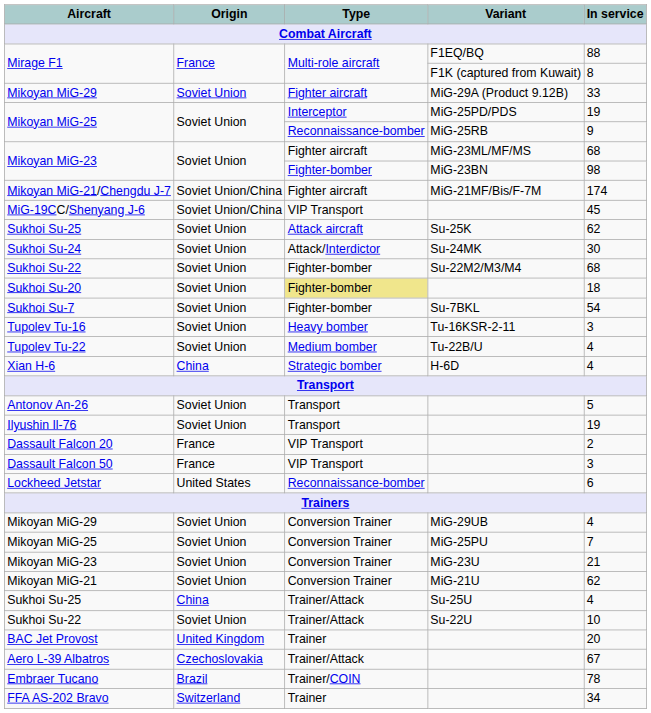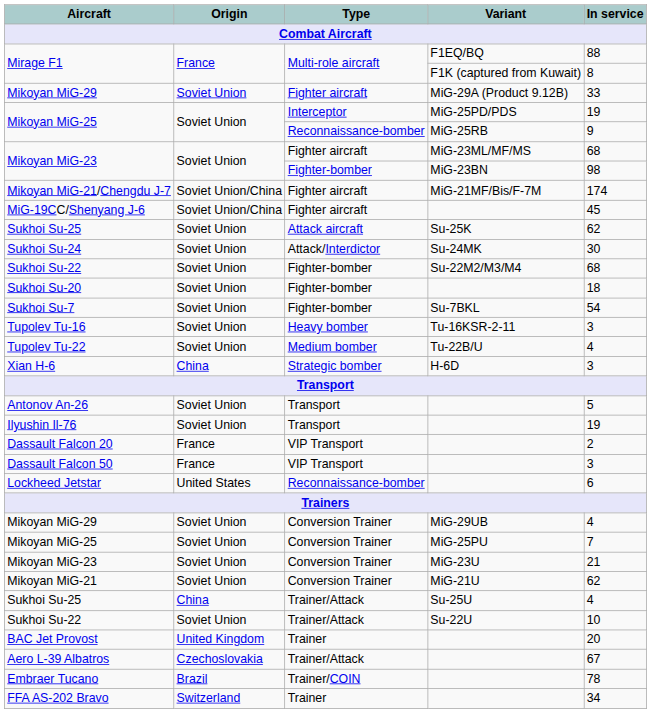 <table class="wikitable" style="display: inline-table;">
 <tr>
 <th style="text-align:center; background:#acc;">Aircraft</th>
 <th style="text-align: center; background:#acc;">Origin</th>
 <th style="text-align:l center; background:#acc;">Type</th>
 <th style="text-align:l center; background:#acc;">Variant</th>
 <th style="text-align:center; background:#acc;">In service</th>
 </tr>
 <tr>
 <th colspan="5" style="align: center; background: lavender;"><a href='#'>Combat Aircraft</a></th>
 </tr>
 <tr>
 <td rowspan="2"><a href='#'>Mirage F1</a></td>
 <td rowspan="2"><a href='#'>France</a></td>
 <td rowspan="2"><a href='#'>Multi-role aircraft</a></td>
 <td>F1EQ/BQ</td>
 <td>88</td>
 </tr>
 <tr>
 <td>F1K (captured from Kuwait)</td>
 <td>8</td>
 </tr>
 <tr>
 <td><a href='#'>Mikoyan MiG-29</a></td>
 <td><a href='#'>Soviet Union</a></td>
 <td><a href='#'>Fighter aircraft</a></td>
 <td>MiG-29A (Product 9.12B)</td>
 <td>33</td>
 </tr>
 <tr>
 <td rowspan="2"><a href='#'>Mikoyan MiG-25</a></td>
 <td rowspan="2">Soviet Union</td>
 <td><a href='#'>Interceptor</a></td>
 <td>MiG-25PD/PDS</td>
 <td>19</td>
 </tr>
 <tr>
 <td><a href='#'>Reconnaissance-bomber</a></td>
 <td>MiG-25RB</td>
 <td>9</td>
 </tr>
 <tr>
 <td rowspan="2"><a href='#'>Mikoyan MiG-23</a></td>
 <td rowspan="2">Soviet Union</td>
 <td>Fighter aircraft</td>
 <td>MiG-23ML/MF/MS</td>
 <td>68</td>
 </tr>
 <tr>
 <td><a href='#'>Fighter-bomber</a></td>
 <td>MiG-23BN</td>
 <td>98</td>
 </tr>
 <tr>
 <td><a href='#'>Mikoyan MiG-21</a>/<a href='#'>Chengdu J-7</a></td>
 <td>Soviet Union/China</td>
 <td>Fighter aircraft</td>
 <td>MiG-21MF/Bis/F-7M</td>
 <td>174</td>
 </tr>
 <tr>
 <td><a href='#'>MiG-19C</a>C/<a href='#'>Shenyang J-6</a></td>
 <td>Soviet Union/China</td>
-<td>VIP Transport</td>
+<td>Fighter aircraft</td>
 <td></td>
 <td>45</td>
 </tr>
 <tr>
 <td><a href='#'>Sukhoi Su-25</a></td>
 <td>Soviet Union</td>
 <td><a href='#'>Attack aircraft</a></td>
 <td>Su-25K</td>
 <td>62</td>
 </tr>
 <tr>
 <td><a href='#'>Sukhoi Su-24</a></td>
 <td>Soviet Union</td>
 <td>Attack/<a href='#'>Interdictor</a></td>
 <td>Su-24MK</td>
 <td>30</td>
 </tr>
 <tr>
 <td><a href='#'>Sukhoi Su-22</a></td>
 <td>Soviet Union</td>
 <td>Fighter-bomber</td>
 <td>Su-22M2/M3/M4</td>
 <td>68</td>
 </tr>
 <tr>
 <td><a href='#'>Sukhoi Su-20</a></td>
 <td>Soviet Union</td>
-<td style="background: khaki;">Fighter-bomber</td>
+<td>Fighter-bomber</td>
 <td></td>
 <td>18</td>
 </tr>
 <tr>
 <td><a href='#'>Sukhoi Su-7</a></td>
 <td>Soviet Union</td>
 <td>Fighter-bomber</td>
 <td>Su-7BKL</td>
 <td>54</td>
 </tr>
 <tr>
 <td><a href='#'>Tupolev Tu-16</a></td>
 <td>Soviet Union</td>
 <td><a href='#'>Heavy bomber</a></td>
 <td>Tu-16KSR-2-11</td>
 <td>3</td>
 </tr>
 <tr>
 <td><a href='#'>Tupolev Tu-22</a></td>
 <td>Soviet Union</td>
 <td><a href='#'>Medium bomber</a></td>
 <td>Tu-22B/U</td>
 <td>4</td>
 </tr>
 <tr>
 <td><a href='#'>Xian H-6</a></td>
 <td><a href='#'>China</a></td>
 <td><a href='#'>Strategic bomber</a></td>
 <td>H-6D</td>
-<td>4</td>
+<td>3</td>
 </tr>
 <tr>
 <th colspan="5" style="align: center; background: lavender;"><a href='#'>Transport</a></th>
 </tr>
 <tr>
 <td><a href='#'>Antonov An-26</a></td>
 <td>Soviet Union</td>
 <td>Transport</td>
 <td></td>
 <td>5</td>
 </tr>
 <tr>
 <td><a href='#'>Ilyushin Il-76</a></td>
 <td>Soviet Union</td>
 <td>Transport</td>
 <td></td>
 <td>19</td>
 </tr>
 <tr>
 <td><a href='#'>Dassault Falcon 20</a></td>
 <td>France</td>
 <td>VIP Transport</td>
 <td></td>
 <td>2</td>
 </tr>
 <tr>
 <td><a href='#'>Dassault Falcon 50</a></td>
 <td>France</td>
 <td>VIP Transport</td>
 <td></td>
 <td>3</td>
 </tr>
 <tr>
 <td><a href='#'>Lockheed Jetstar</a></td>
 <td>United States</td>
 <td><a href='#'>Reconnaissance-bomber</a></td>
 <td></td>
 <td>6</td>
 </tr>
 <tr>
 <th colspan="5" style="align: center; background: lavender;"><a href='#'>Trainers</a></th>
 </tr>
 <tr>
 <td>Mikoyan MiG-29</td>
 <td>Soviet Union</td>
 <td>Conversion Trainer</td>
 <td>MiG-29UB</td>
 <td>4</td>
 </tr>
 <tr>
 <td>Mikoyan MiG-25</td>
 <td>Soviet Union</td>
 <td>Conversion Trainer</td>
 <td>MiG-25PU</td>
 <td>7</td>
 </tr>
 <tr>
 <td>Mikoyan MiG-23</td>
 <td>Soviet Union</td>
 <td>Conversion Trainer</td>
 <td>MiG-23U</td>
 <td>21</td>
 </tr>
 <tr>
 <td>Mikoyan MiG-21</td>
 <td>Soviet Union</td>
 <td>Conversion Trainer</td>
 <td>MiG-21U</td>
 <td>62</td>
 </tr>
 <tr>
 <td>Sukhoi Su-25</td>
 <td><a href='#'>China</a></td>
 <td>Trainer/Attack</td>
 <td>Su-25U</td>
 <td>4</td>
 </tr>
 <tr>
 <td>Sukhoi Su-22</td>
 <td>Soviet Union</td>
 <td>Trainer/Attack</td>
 <td>Su-22U</td>
 <td>10</td>
 </tr>
 <tr>
 <td><a href='#'>BAC Jet Provost</a></td>
 <td><a href='#'>United Kingdom</a></td>
 <td>Trainer</td>
 <td></td>
 <td>20</td>
 </tr>
 <tr>
 <td><a href='#'>Aero L-39 Albatros</a></td>
 <td><a href='#'>Czechoslovakia</a></td>
 <td>Trainer/Attack</td>
 <td></td>
 <td>67</td>
 </tr>
 <tr>
 <td><a href='#'>Embraer Tucano</a></td>
 <td><a href='#'>Brazil</a></td>
 <td>Trainer/<a href='#'>COIN</a></td>
 <td></td>
 <td>78</td>
 </tr>
 <tr>
 <td><a href='#'>FFA AS-202 Bravo</a></td>
 <td><a href='#'>Switzerland</a></td>
 <td>Trainer</td>
 <td></td>
 <td>34</td>
 </tr>
 </table>
